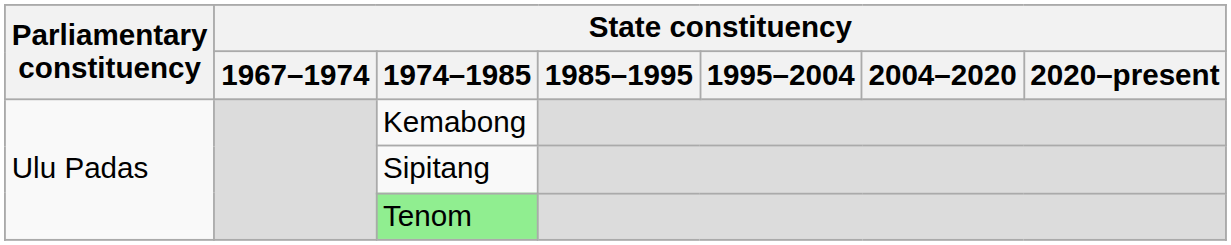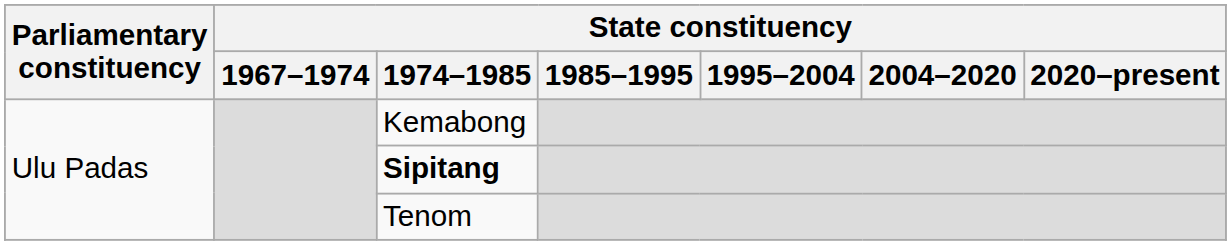 <table class=wikitable>
 <tr>
 <th rowspan=2>Parliamentary<br>constituency</th>
 <th colspan=6>State constituency</th>
 </tr>
 <tr>
 <th>1967–1974</th>
 <th>1974–1985</th>
 <th>1985–1995</th>
 <th>1995–2004</th>
 <th>2004–2020</th>
 <th>2020–present</th>
 </tr>
 <tr>
 <td rowspan=3>Ulu Padas</td>
 <td rowspan=3 bgcolor=dcdcdc></td>
 <td>Kemabong</td>
 <td colspan=4 bgcolor=dcdcdc></td>
 </tr>
 <tr>
-<td>Sipitang</td>
+<td><strong>Sipitang</strong></td>
 <td colspan=4 bgcolor=dcdcdc></td>
 </tr>
 <tr>
-<td style="background: lightgreen;">Tenom</td>
+<td>Tenom</td>
 <td colspan=4 bgcolor=dcdcdc></td>
 </tr>
 </table>
